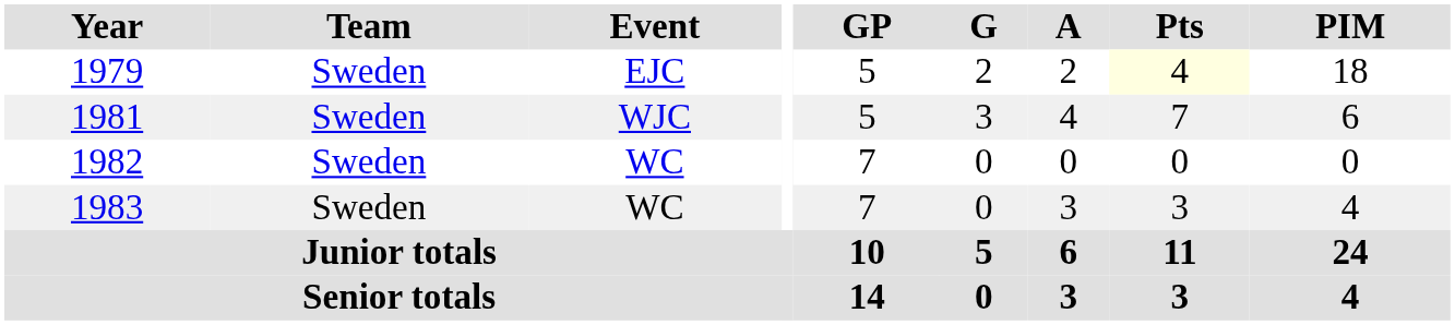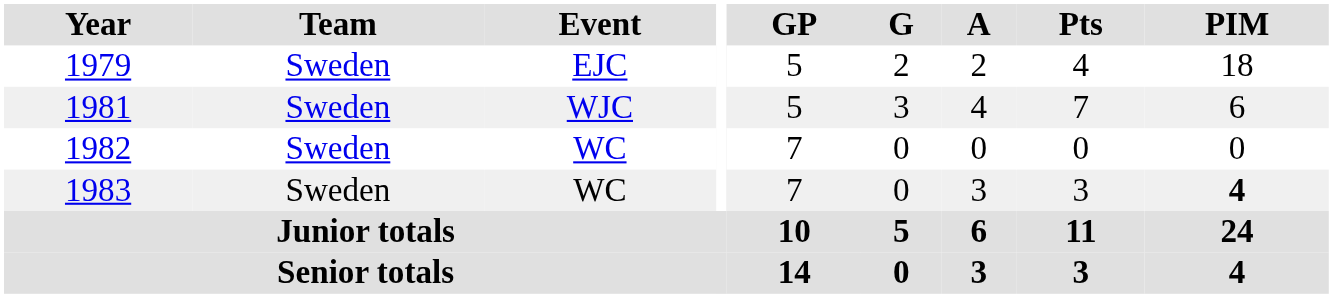 <table border="0" cellpadding="1" cellspacing="0" ID="Table3" style="text-align:center; width:40em">
 <tr bgcolor="#e0e0e0">
 <th>Year</th>
 <th>Team</th>
 <th>Event</th>
 <th rowspan="102" bgcolor="#ffffff"></th>
 <th>GP</th>
 <th>G</th>
 <th>A</th>
 <th>Pts</th>
 <th>PIM</th>
 </tr>
 <tr>
 <td><a href='#'>1979</a></td>
 <td><a href='#'>Sweden</a></td>
 <td><a href='#'>EJC</a></td>
 <td>5</td>
 <td>2</td>
 <td>2</td>
-<td style="background: lightyellow;">4</td>
+<td>4</td>
 <td>18</td>
 </tr>
 <tr bgcolor="#f0f0f0">
 <td><a href='#'>1981</a></td>
 <td><a href='#'>Sweden</a></td>
 <td><a href='#'>WJC</a></td>
 <td>5</td>
 <td>3</td>
 <td>4</td>
 <td>7</td>
 <td>6</td>
 </tr>
 <tr>
 <td><a href='#'>1982</a></td>
 <td><a href='#'>Sweden</a></td>
 <td><a href='#'>WC</a></td>
 <td>7</td>
 <td>0</td>
 <td>0</td>
 <td>0</td>
 <td>0</td>
 </tr>
 <tr bgcolor="#f0f0f0">
 <td><a href='#'>1983</a></td>
 <td>Sweden</td>
 <td>WC</td>
 <td>7</td>
 <td>0</td>
 <td>3</td>
 <td>3</td>
-<td>4</td>
+<td><strong>4</strong></td>
 </tr>
 <tr bgcolor="#e0e0e0">
 <th colspan="4">Junior totals</th>
 <th>10</th>
 <th>5</th>
 <th>6</th>
 <th>11</th>
 <th>24</th>
 </tr>
 <tr bgcolor="#e0e0e0">
 <th colspan="4">Senior totals</th>
 <th>14</th>
 <th>0</th>
 <th>3</th>
 <th>3</th>
 <th>4</th>
 </tr>
 </table>
